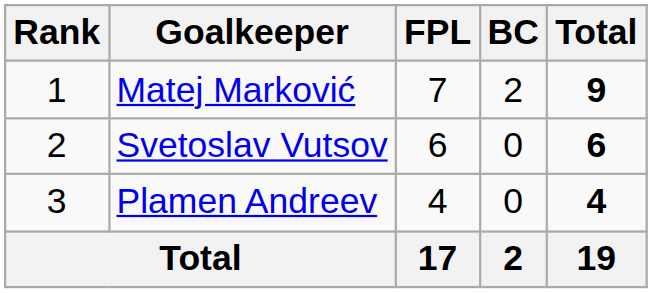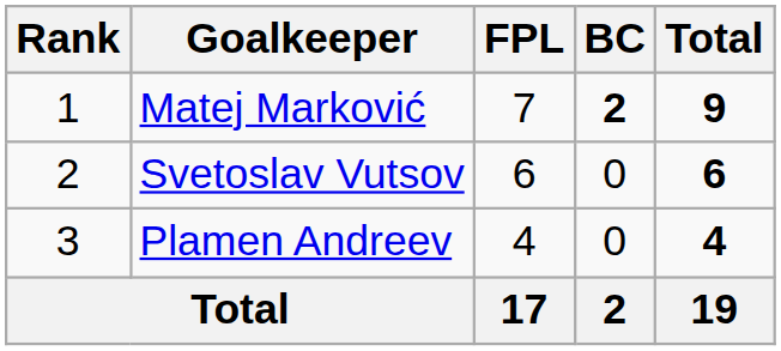 <table class="wikitable" style="text-align:center;">
 <tr>
 <th>Rank</th>
 <th>Goalkeeper</th>
 <th><abbr>FPL</abbr></th>
 <th><abbr>BC</abbr></th>
 <th>Total</th>
 </tr>
 <tr>
 <td>1</td>
 <td align=left> <a href='#'>Matej Marković</a></td>
 <td>7</td>
-<td>2</td>
+<td><strong>2</strong></td>
 <td><strong>9</strong></td>
 </tr>
 <tr>
 <td>2</td>
 <td align=left> <a href='#'>Svetoslav Vutsov</a></td>
 <td>6</td>
 <td>0</td>
 <td><strong>6</strong></td>
 </tr>
 <tr>
 <td>3</td>
 <td align=left> <a href='#'>Plamen Andreev</a></td>
 <td>4</td>
 <td>0</td>
 <td><strong>4</strong></td>
 </tr>
 <tr>
 <th colspan=2>Total</th>
 <th>17</th>
 <th>2</th>
 <th>19</th>
 </tr>
 </table>
